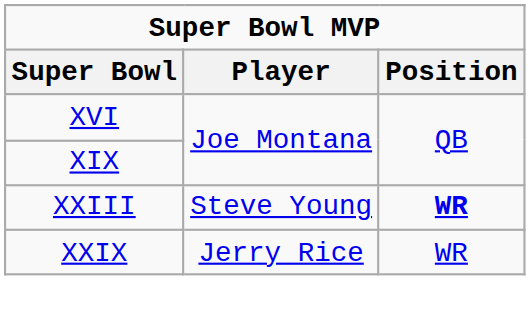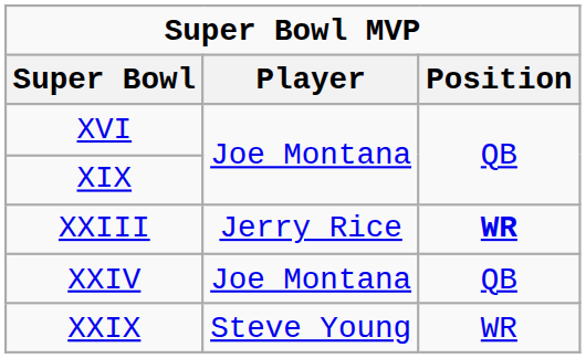 <table class="wikitable sortable" style="text-align:center">
 <tr>
 <td colspan="3"><strong>Super Bowl MVP</strong></td>
 </tr>
 <tr>
 <th>Super Bowl</th>
 <th>Player</th>
 <th>Position</th>
 </tr>
 <tr>
 <td><a href='#'>XVI</a></td>
 <td rowspan=2><a href='#'>Joe Montana</a></td>
 <td rowspan=2><a href='#'>QB</a></td>
 </tr>
 <tr>
 <td><a href='#'>XIX</a></td>
 </tr>
 <tr>
 <td><a href='#'>XXIII</a></td>
-<td><a href='#'>Steve Young</a></td>
+<td><a href='#'>Jerry Rice</a></td>
 <td><strong><a href='#'>WR</a></strong></td>
 </tr>
 <tr>
+<td><a href='#'>XXIV</a></td>
+<td><a href='#'>Joe Montana</a></td>
+<td><a href='#'>QB</a></td>
+</tr>
+<tr>
 <td><a href='#'>XXIX</a></td>
-<td><a href='#'>Jerry Rice</a></td>
+<td><a href='#'>Steve Young</a></td>
 <td><a href='#'>WR</a></td>
 </tr>
 </table>
